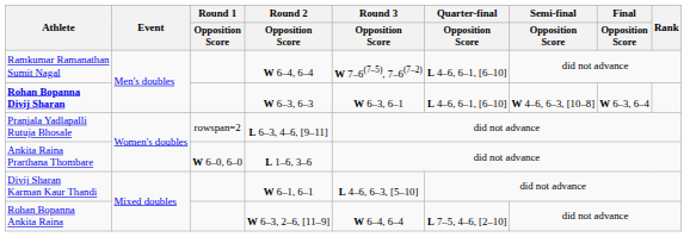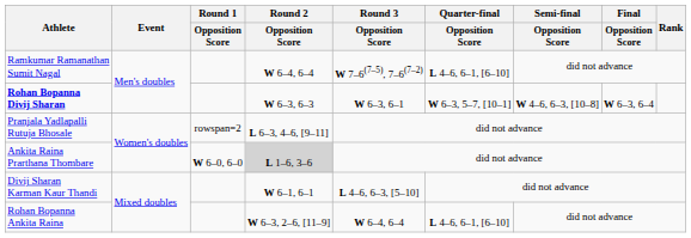 <table class=wikitable style="text-align:center; font-size:90%">
 <tr>
 <th rowspan="2">Athlete</th>
 <th rowspan="2">Event</th>
 <th>Round 1</th>
 <th>Round 2</th>
 <th>Round 3</th>
 <th>Quarter-final</th>
 <th>Semi-final</th>
 <th>Final</th>
 <th rowspan="2">Rank</th>
 </tr>
 <tr style="font-size:95%">
 <th>Opposition<br>Score</th>
 <th>Opposition<br>Score</th>
 <th>Opposition<br>Score</th>
 <th>Opposition<br>Score</th>
 <th>Opposition<br>Score</th>
 <th>Opposition<br>Score</th>
 </tr>
 <tr>
 <td align=left><a href='#'>Ramkumar Ramanathan</a><br><a href='#'>Sumit Nagal</a></td>
 <td align=left rowspan="2"><a href='#'>Men's doubles</a></td>
 <td></td>
 <td><br><strong>W</strong> 6–4, 6–4</td>
 <td><br><strong>W</strong> 7–6<sup>(7–5)</sup>, 7–6<sup>(7–2)</sup></td>
 <td><br><strong>L</strong> 4–6, 6–1, [6–10]</td>
 <td colspan="3">did not advance</td>
 </tr>
 <tr>
 <td align=left><strong><a href='#'>Rohan Bopanna</a><br><a href='#'>Divij Sharan</a></strong></td>
 <td></td>
 <td><br><strong>W</strong> 6–3, 6–3</td>
 <td><br><strong>W</strong> 6–3, 6–1</td>
-<td><br><strong>L</strong> 4–6, 6–1, [6–10]</td>
+<td><br><strong>W</strong> 6–3, 5–7, [10–1]</td>
 <td><br><strong>W</strong> 4–6, 6–3, [10–8]</td>
 <td><br> <strong>W</strong> 6–3, 6–4</td>
 <td></td>
 </tr>
 <tr>
 <td align=left><a href='#'>Pranjala Yadlapalli</a><br><a href='#'>Rutuja Bhosale</a></td>
 <td align=left rowspan="2"><a href='#'>Women's doubles</a></td>
 <td>rowspan=2 </td>
 <td><br><strong>L</strong> 6–3, 4–6, [9–11]</td>
 <td colspan=5>did not advance</td>
 </tr>
 <tr>
 <td align=left><a href='#'>Ankita Raina</a><br><a href='#'>Prarthana Thombare</a></td>
 <td><br><strong>W</strong> 6–0, 6–0</td>
-<td><br><strong>L</strong> 1–6, 3–6</td>
+<td style="background: lightgrey;"><br><strong>L</strong> 1–6, 3–6</td>
 <td colspan=5>did not advance</td>
 </tr>
 <tr>
 <td align=left><a href='#'>Divij Sharan</a><br><a href='#'>Karman Kaur Thandi</a></td>
 <td align=left rowspan=2><a href='#'>Mixed doubles</a></td>
 <td></td>
 <td><br><strong>W</strong> 6–1, 6–1</td>
 <td><br><strong>L</strong> 4–6, 6–3, [5–10]</td>
 <td colspan=5>did not advance</td>
 </tr>
 <tr>
 <td align=left><a href='#'>Rohan Bopanna</a><br><a href='#'>Ankita Raina</a></td>
 <td></td>
 <td><br><strong>W</strong> 6–3, 2–6, [11–9]</td>
 <td><br><strong>W</strong> 6–4, 6–4</td>
-<td><br><strong>L</strong> 7–5, 4–6, [2–10]</td>
+<td><br><strong>L</strong> 4–6, 6–1, [6–10]</td>
 <td colspan="3">did not advance</td>
 </tr>
 </table>
